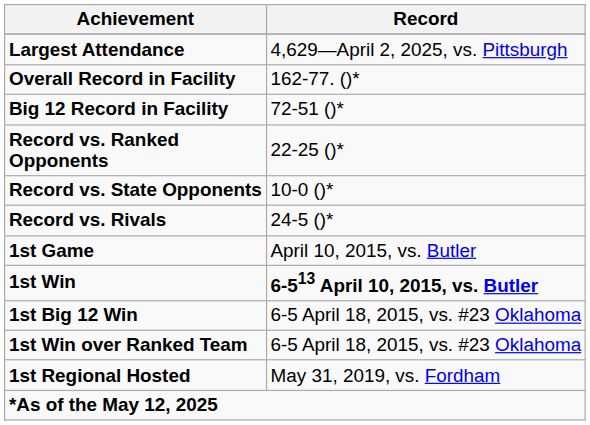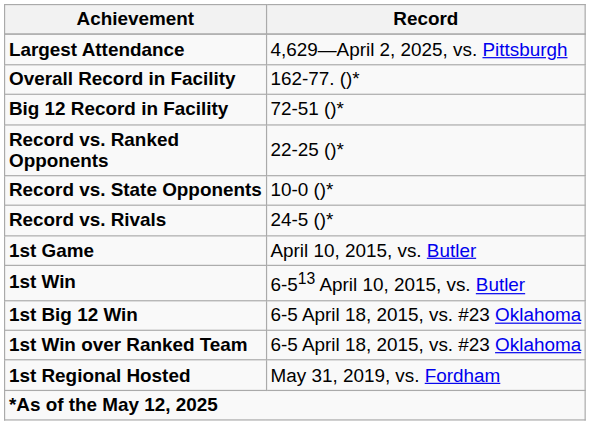 <table class="wikitable">
 <tr>
 <th>Achievement</th>
 <th>Record</th>
 </tr>
 <tr>
 </tr>
 <tr>
 <td><strong>Largest Attendance</strong></td>
 <td>4,629—April 2, 2025, vs. <a href='#'>Pittsburgh</a></td>
 </tr>
 <tr>
 <td><strong>Overall Record in Facility</strong></td>
 <td>162-77. ()*</td>
 </tr>
 <tr>
 <td><strong>Big 12 Record in Facility</strong></td>
 <td>72-51  ()*</td>
 </tr>
 <tr>
 <td><strong>Record vs. Ranked <br>Opponents</strong></td>
 <td>22-25  ()*</td>
 </tr>
 <tr>
 <td><strong>Record vs. State Opponents</strong></td>
 <td>10-0  ()*</td>
 </tr>
 <tr>
 <td><strong>Record vs. Rivals</strong></td>
 <td>24-5  ()*</td>
 </tr>
 <tr>
 <td><strong>1st Game</strong></td>
 <td>April 10, 2015, vs. <a href='#'>Butler</a></td>
 </tr>
 <tr>
 <td><strong>1st Win</strong></td>
-<td><strong>6-5<sup>13</sup> April 10, 2015, vs. <a href='#'>Butler</a></strong></td>
+<td>6-5<sup>13</sup> April 10, 2015, vs. <a href='#'>Butler</a></td>
 </tr>
 <tr>
 <td><strong>1st Big 12 Win</strong></td>
 <td>6-5 April 18, 2015, vs. #23 <a href='#'>Oklahoma</a></td>
 </tr>
 <tr>
 <td><strong>1st Win over Ranked Team</strong></td>
 <td>6-5 April 18, 2015, vs. #23 <a href='#'>Oklahoma</a></td>
 </tr>
 <tr>
 <td><strong>1st Regional Hosted</strong></td>
 <td>May 31, 2019, vs. <a href='#'>Fordham</a></td>
 </tr>
 <tr>
 <td colspan="2"><strong>*As of the May 12, 2025</strong></td>
 </tr>
 </table>
